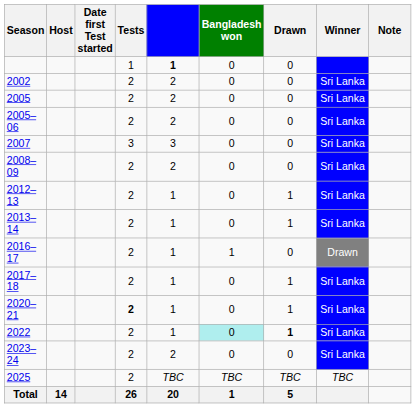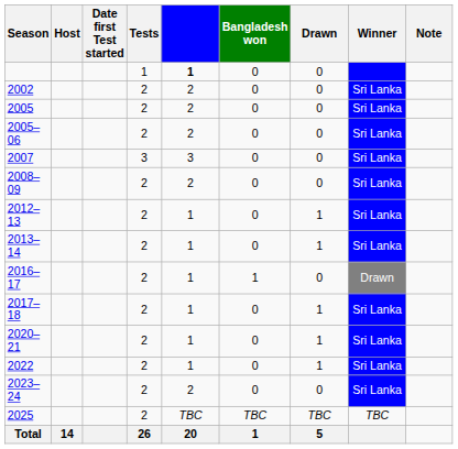 <table class="wikitable" " style="text-align:center">
 <tr>
 <th style="width:3em;">Season</th>
 <th style="width:2em;">Host</th>
 <th style="width:2.5em;">Date first Test started</th>
 <th style="width:2em;">Tests</th>
 <th style="background: 	blue	;color:white; width:4.5em;"></th>
 <th style="background: 	green	;color:white; width:4.5em;">Bangladesh won</th>
 <th style="width:4.5em;">Drawn</th>
 <th style="width:4.5em;">Winner</th>
 <th style="width:3.5em;">Note</th>
 </tr>
 <tr>
 <td align="left"></td>
 <td></td>
 <td align="left"></td>
 <td>1</td>
 <td><strong>1</strong></td>
 <td>0</td>
 <td>0</td>
 <td style="background: 	blue	;color:white;"></td>
 <td></td>
 </tr>
 <tr>
 <td align="left"><a href='#'>2002</a></td>
 <td></td>
 <td align="left"></td>
 <td>2</td>
 <td>2</td>
 <td>0</td>
 <td>0</td>
 <td style="background: 	blue	;color:white;">Sri Lanka</td>
 <td></td>
 </tr>
 <tr>
 <td align="left"><a href='#'>2005</a></td>
 <td></td>
 <td align="left"></td>
 <td>2</td>
 <td>2</td>
 <td>0</td>
 <td>0</td>
 <td style="background: 	blue	;color:white;">Sri Lanka</td>
 <td></td>
 </tr>
 <tr>
 <td align="left"><a href='#'>2005–06</a></td>
 <td></td>
 <td align="left"></td>
 <td>2</td>
 <td>2</td>
 <td>0</td>
 <td>0</td>
 <td style="background: 	blue	;color:white;">Sri Lanka</td>
 <td></td>
 </tr>
 <tr>
 <td align="left"><a href='#'>2007</a></td>
 <td></td>
 <td align="left"></td>
 <td>3</td>
 <td>3</td>
 <td>0</td>
 <td>0</td>
 <td style="background: 	blue	;color:white;">Sri Lanka</td>
 <td></td>
 </tr>
 <tr>
 <td align="left"><a href='#'>2008–09</a></td>
 <td></td>
 <td align="left"></td>
 <td>2</td>
 <td>2</td>
 <td>0</td>
 <td>0</td>
 <td style="background: 	blue	;color:white;">Sri Lanka</td>
 <td></td>
 </tr>
 <tr>
 <td align="left"><a href='#'>2012–13</a></td>
 <td></td>
 <td align="left"></td>
 <td>2</td>
 <td>1</td>
 <td>0</td>
 <td>1</td>
 <td style="background: 	blue	;color:white;">Sri Lanka</td>
 <td></td>
 </tr>
 <tr>
 <td align="left"><a href='#'>2013–14</a></td>
 <td></td>
 <td align="left"></td>
 <td>2</td>
 <td>1</td>
 <td>0</td>
 <td>1</td>
 <td style="background: 	blue	;color:white;">Sri Lanka</td>
 <td></td>
 </tr>
 <tr>
 <td align="left"><a href='#'>2016–17</a></td>
 <td></td>
 <td align="left"></td>
 <td>2</td>
 <td>1</td>
 <td>1</td>
 <td>0</td>
 <td style="background: 	gray	;color:white;">Drawn</td>
 <td></td>
 </tr>
 <tr>
 <td align="left"><a href='#'>2017–18</a></td>
 <td></td>
 <td align="left"></td>
 <td>2</td>
 <td>1</td>
 <td>0</td>
 <td>1</td>
 <td style="background: 	blue	;color:white;">Sri Lanka</td>
 <td></td>
 </tr>
 <tr>
 <td align="left"><a href='#'>2020–21</a></td>
 <td></td>
 <td align="left"></td>
-<td><strong>2</strong></td>
+<td>2</td>
 <td>1</td>
 <td>0</td>
 <td>1</td>
 <td style="background: 	blue	;color:white;">Sri Lanka</td>
 <td><small></small></td>
 </tr>
 <tr>
 <td align="left"><a href='#'>2022</a></td>
 <td></td>
 <td align="left"></td>
 <td>2</td>
 <td>1</td>
-<td style="background: paleturquoise;">0</td>
-<td><strong>1</strong></td>
+<td>0</td>
+<td>1</td>
 <td style="background: 	blue	;color:white;">Sri Lanka</td>
 <td><small></small></td>
 </tr>
 <tr>
 <td align="left"><a href='#'>2023–24</a></td>
 <td></td>
 <td align="left"></td>
 <td>2</td>
 <td>2</td>
 <td>0</td>
 <td>0</td>
 <td style="background: 	blue	;color:white;">Sri Lanka</td>
 <td><small></small></td>
 </tr>
 <tr>
 <td align="left"><a href='#'>2025</a></td>
 <td></td>
 <td align="left"></td>
 <td>2</td>
 <td><em>TBC</em></td>
 <td><em>TBC</em></td>
 <td><em>TBC</em></td>
 <td><em>TBC</em></td>
 <td><small></small></td>
 </tr>
 <tr>
 <th>Total</th>
 <th>14</th>
 <th></th>
 <th>26</th>
 <th>20</th>
 <th>1</th>
 <th>5</th>
 <th></th>
 </tr>
 </table>
